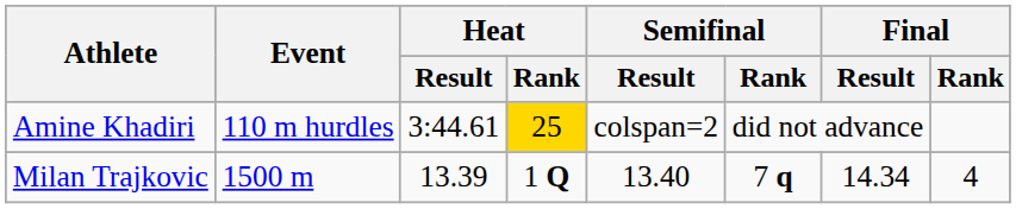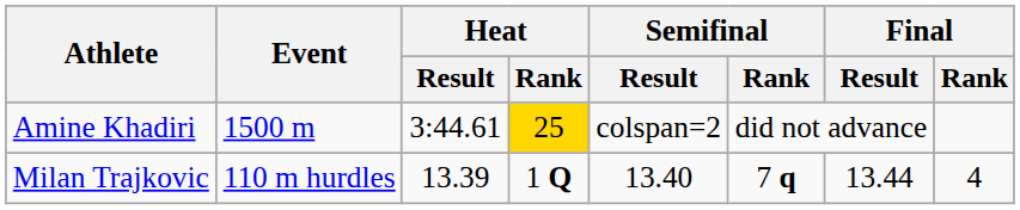 <table class="wikitable" style="font-size:90%">
 <tr>
 <th rowspan=2>Athlete</th>
 <th rowspan=2>Event</th>
 <th colspan=2>Heat</th>
 <th colspan=2>Semifinal</th>
 <th colspan=2>Final</th>
 </tr>
 <tr style="font-size:95%">
 <th>Result</th>
 <th>Rank</th>
 <th>Result</th>
 <th>Rank</th>
 <th>Result</th>
 <th>Rank</th>
 </tr>
 <tr align=center>
 <td align=left><a href='#'>Amine Khadiri</a></td>
-<td style="text-align:left;"><a href='#'>110 m hurdles</a></td>
+<td style="text-align:left;"><a href='#'>1500 m</a></td>
 <td>3:44.61</td>
 <td style="background: gold;">25</td>
 <td>colspan=2 </td>
 <td colspan=2>did not advance</td>
 </tr>
 <tr align=center>
 <td align=left><a href='#'>Milan Trajkovic</a></td>
-<td style="text-align:left;"><a href='#'>1500 m</a></td>
+<td style="text-align:left;"><a href='#'>110 m hurdles</a></td>
 <td>13.39 <strong></strong></td>
 <td>1 <strong>Q</strong></td>
 <td>13.40</td>
 <td>7 <strong>q</strong></td>
-<td>14.34</td>
+<td>13.44</td>
 <td>4</td>
 </tr>
 </table>
